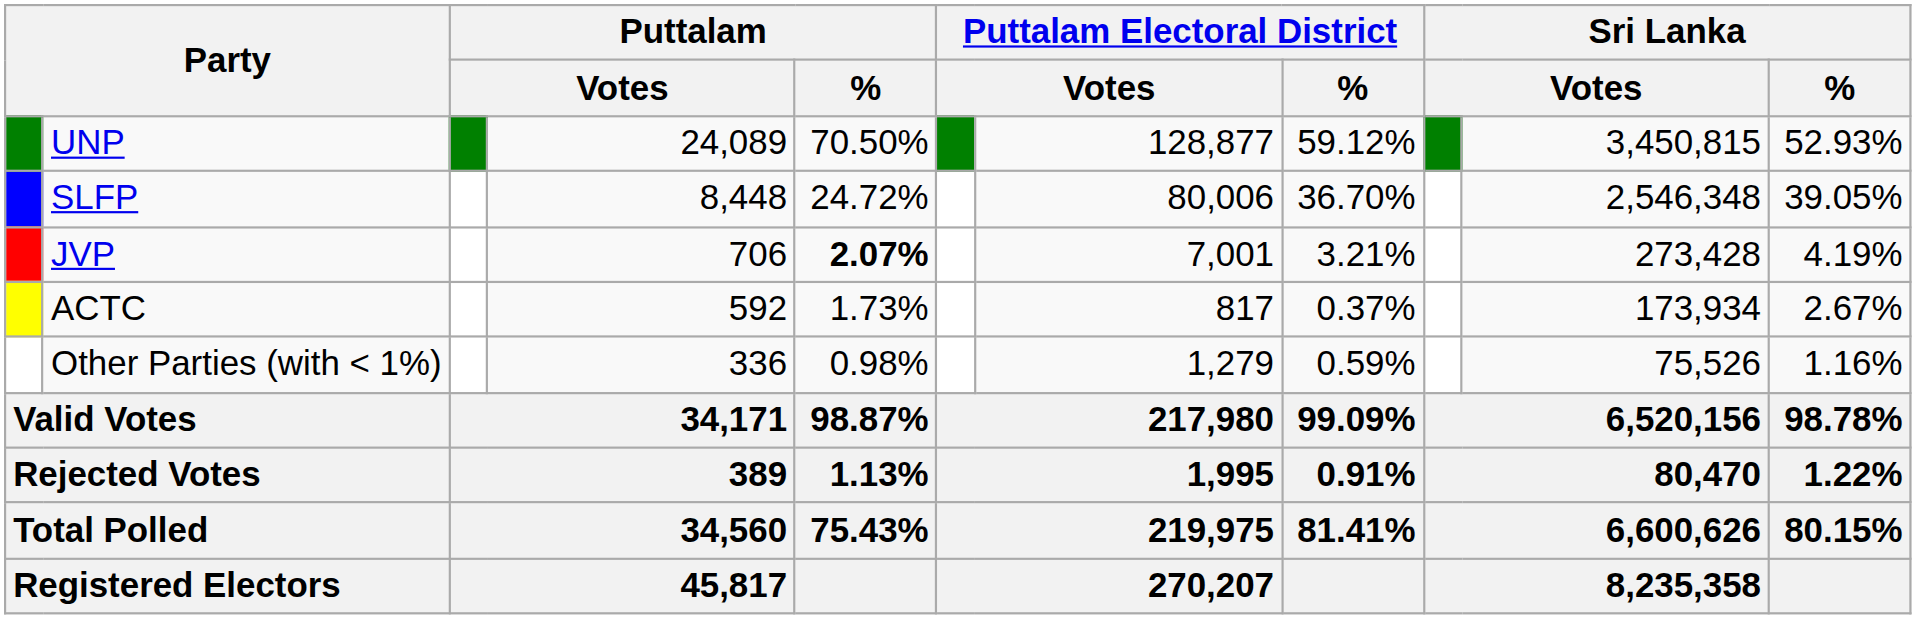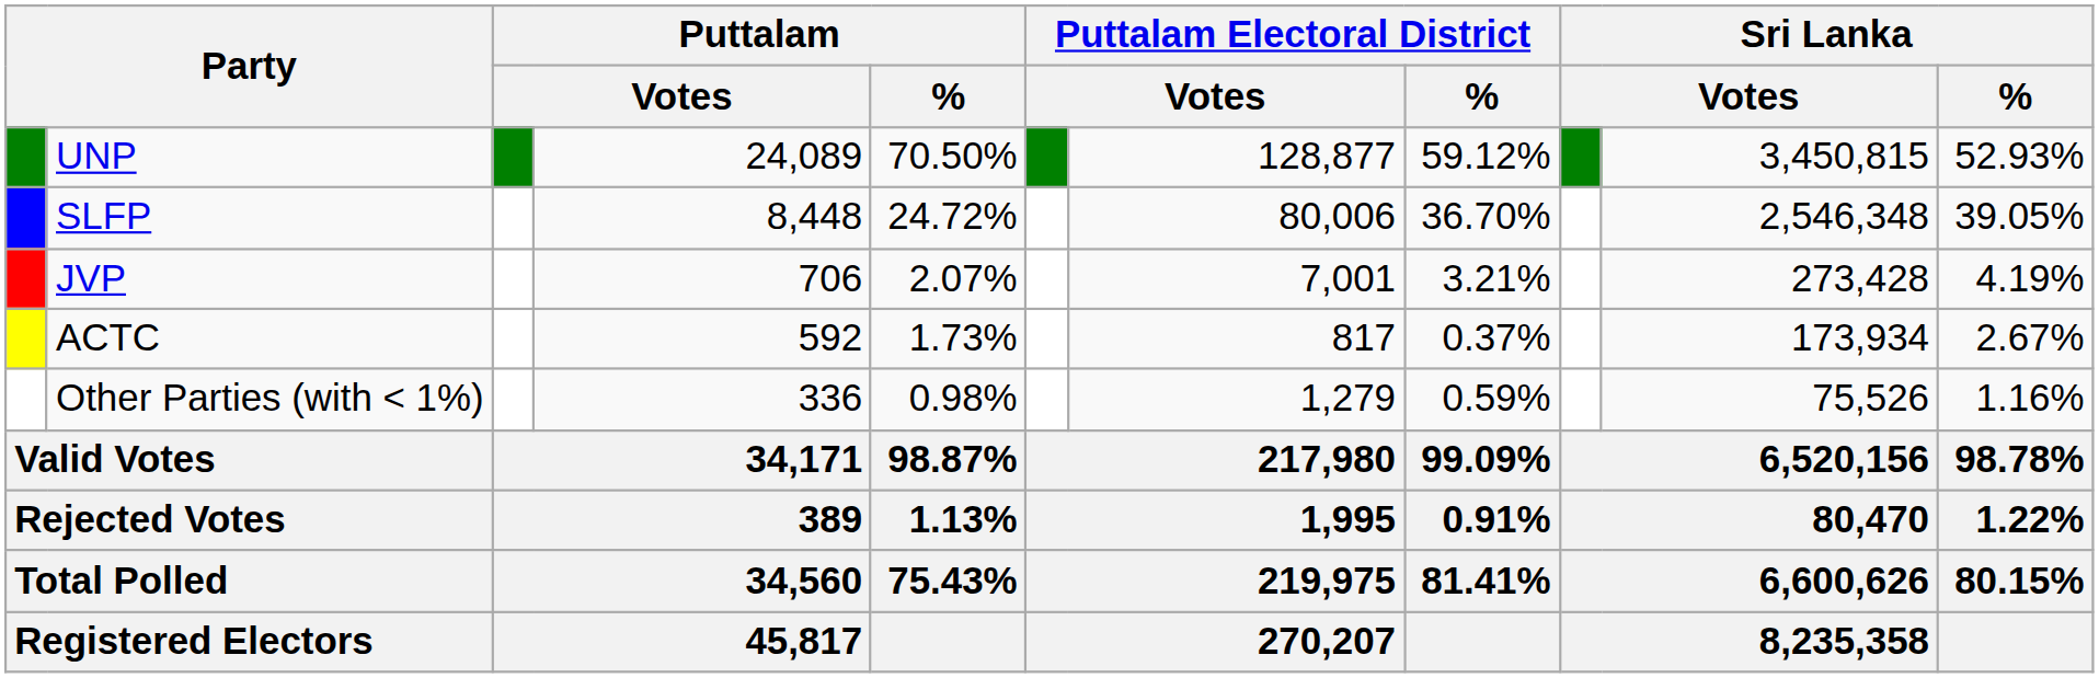 <table class="wikitable">
 <tr>
 <th colspan="2" width="144px"rowspan="2">Party</th>
 <th colspan="3" width="216px">Puttalam</th>
 <th colspan="3" width="216px"><a href='#'>Puttalam Electoral District</a></th>
 <th colspan="3" width="216px">Sri Lanka</th>
 </tr>
 <tr>
 <th colspan="2" width="144px">Votes</th>
 <th>%</th>
 <th colspan="2" width="144px">Votes</th>
 <th>%</th>
 <th colspan="2" width="144px">Votes</th>
 <th>%</th>
 </tr>
 <tr>
 <td style="background-color:green;" width="10px"></td>
 <td style="text-align:left;"><a href='#'>UNP</a></td>
 <td style="background-color:green;" width="10px"></td>
 <td style="text-align:right;">24,089</td>
 <td style="text-align:right;">70.50%</td>
 <td style="background-color:green;" width="10px"></td>
 <td style="text-align:right;">128,877</td>
 <td style="text-align:right;">59.12%</td>
 <td style="background-color:green;" width="10px"></td>
 <td style="text-align:right;">3,450,815</td>
 <td style="text-align:right;">52.93%</td>
 </tr>
 <tr>
 <td style="background-color:blue;" width="10px"></td>
 <td style="text-align:left;"><a href='#'>SLFP</a></td>
 <td style="background-color:white;" width="10px"></td>
 <td style="text-align:right;">8,448</td>
 <td style="text-align:right;">24.72%</td>
 <td style="background-color:white;" width="10px"></td>
 <td style="text-align:right;">80,006</td>
 <td style="text-align:right;">36.70%</td>
 <td style="background-color:white;" width="10px"></td>
 <td style="text-align:right;">2,546,348</td>
 <td style="text-align:right;">39.05%</td>
 </tr>
 <tr>
 <td style="background-color:red;" width="10px"></td>
 <td style="text-align:left;"><a href='#'>JVP</a></td>
 <td style="background-color:white;" width="10px"></td>
 <td style="text-align:right;">706</td>
-<td style="text-align:right;"><strong>2.07%</strong></td>
+<td style="text-align:right;">2.07%</td>
 <td style="background-color:white;" width="10px"></td>
 <td style="text-align:right;">7,001</td>
 <td style="text-align:right;">3.21%</td>
 <td style="background-color:white;" width="10px"></td>
 <td style="text-align:right;">273,428</td>
 <td style="text-align:right;">4.19%</td>
 </tr>
 <tr>
 <td style="background-color:yellow;" width="10px"></td>
 <td style="text-align:left;">ACTC</td>
 <td style="background-color:white;" width="10px"></td>
 <td style="text-align:right;">592</td>
 <td style="text-align:right;">1.73%</td>
 <td style="background-color:white;" width="10px"></td>
 <td style="text-align:right;">817</td>
 <td style="text-align:right;">0.37%</td>
 <td style="background-color:white;" width="10px"></td>
 <td style="text-align:right;">173,934</td>
 <td style="text-align:right;">2.67%</td>
 </tr>
 <tr>
 <td style="background-color:white;" width="10px"></td>
 <td style="text-align:left;">Other Parties (with < 1%)</td>
 <td style="background-color:white;" width="10px"></td>
 <td style="text-align:right;">336</td>
 <td style="text-align:right;">0.98%</td>
 <td style="background-color:white;" width="10px"></td>
 <td style="text-align:right;">1,279</td>
 <td style="text-align:right;">0.59%</td>
 <td style="background-color:white;" width="10px"></td>
 <td style="text-align:right;">75,526</td>
 <td style="text-align:right;">1.16%</td>
 </tr>
 <tr>
 <th colspan="2" width="144px"style="text-align:left;">Valid Votes</th>
 <th style="text-align:right;"colspan="2" width="144px">34,171</th>
 <th style="text-align:right;">98.87%</th>
 <th style="text-align:right;"colspan="2" width="144px">217,980</th>
 <th style="text-align:right;">99.09%</th>
 <th style="text-align:right;"colspan="2" width="144px">6,520,156</th>
 <th style="text-align:right;">98.78%</th>
 </tr>
 <tr>
 <th colspan="2" width="144px"style="text-align:left;">Rejected Votes</th>
 <th style="text-align:right;"colspan="2" width="144px">389</th>
 <th style="text-align:right;">1.13%</th>
 <th style="text-align:right;"colspan="2" width="144px">1,995</th>
 <th style="text-align:right;">0.91%</th>
 <th style="text-align:right;"colspan="2" width="144px">80,470</th>
 <th style="text-align:right;">1.22%</th>
 </tr>
 <tr>
 <th colspan="2" width="144px"style="text-align:left;">Total Polled</th>
 <th style="text-align:right;"colspan="2" width="144px">34,560</th>
 <th style="text-align:right;">75.43%</th>
 <th style="text-align:right;"colspan="2" width="144px">219,975</th>
 <th style="text-align:right;">81.41%</th>
 <th style="text-align:right;"colspan="2" width="144px">6,600,626</th>
 <th style="text-align:right;">80.15%</th>
 </tr>
 <tr>
 <th colspan="2" width="144px"style="text-align:left;">Registered Electors</th>
 <th style="text-align:right;"colspan="2" width="144px">45,817</th>
 <th></th>
 <th style="text-align:right;"colspan="2" width="144px">270,207</th>
 <th></th>
 <th style="text-align:right;"colspan="2" width="144px">8,235,358</th>
 <th></th>
 </tr>
 </table>
